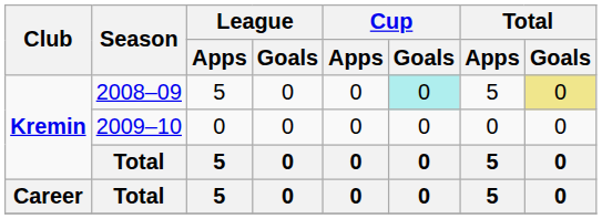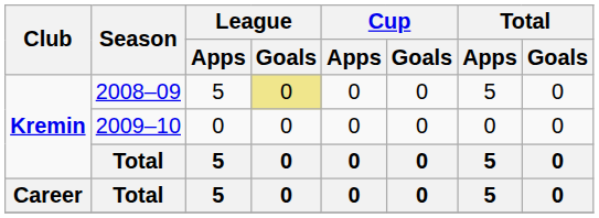 <table class="wikitable sortable" style="text-align: center;">
 <tr>
 <th rowspan="2">Club</th>
 <th rowspan="2">Season</th>
 <th colspan="2">League</th>
 <th colspan="2"><a href='#'>Cup</a></th>
 <th colspan="2">Total</th>
 </tr>
 <tr>
 <th>Apps</th>
 <th>Goals</th>
 <th>Apps</th>
 <th>Goals</th>
 <th>Apps</th>
 <th>Goals</th>
 </tr>
 <tr>
 <td rowspan="3"><strong><a href='#'>Kremin</a></strong></td>
 <td><a href='#'>2008–09</a></td>
 <td>5</td>
+<td style="background: khaki;">0</td>
 <td>0</td>
 <td>0</td>
-<td style="background: paleturquoise;">0</td>
 <td>5</td>
-<td style="background: khaki;">0</td>
+<td>0</td>
 </tr>
 <tr>
 <td><a href='#'>2009–10</a></td>
 <td>0</td>
 <td>0</td>
 <td>0</td>
 <td>0</td>
 <td>0</td>
 <td>0</td>
 </tr>
 <tr>
 <th>Total</th>
 <th>5</th>
 <th>0</th>
 <th>0</th>
 <th>0</th>
 <th>5</th>
 <th>0</th>
 </tr>
 <tr>
 <th>Career</th>
 <th>Total</th>
 <th>5</th>
 <th>0</th>
 <th>0</th>
 <th>0</th>
 <th>5</th>
 <th>0</th>
 </tr>
 <tr>
 </tr>
 </table>
